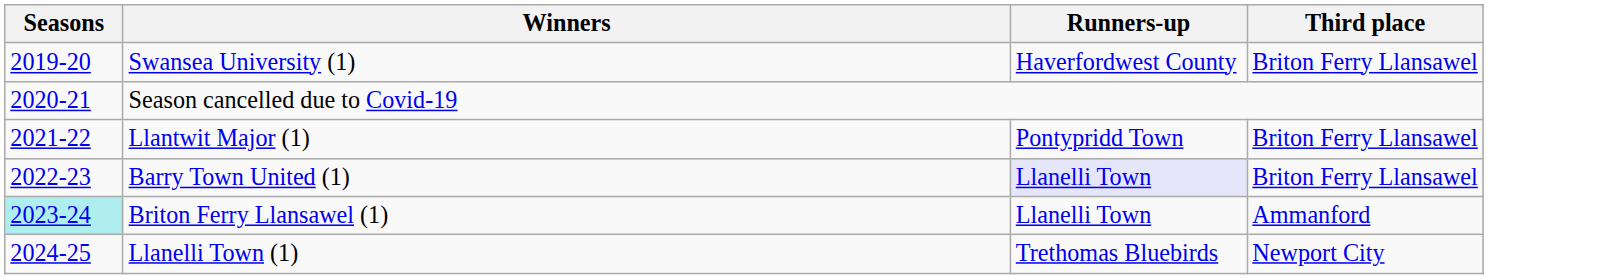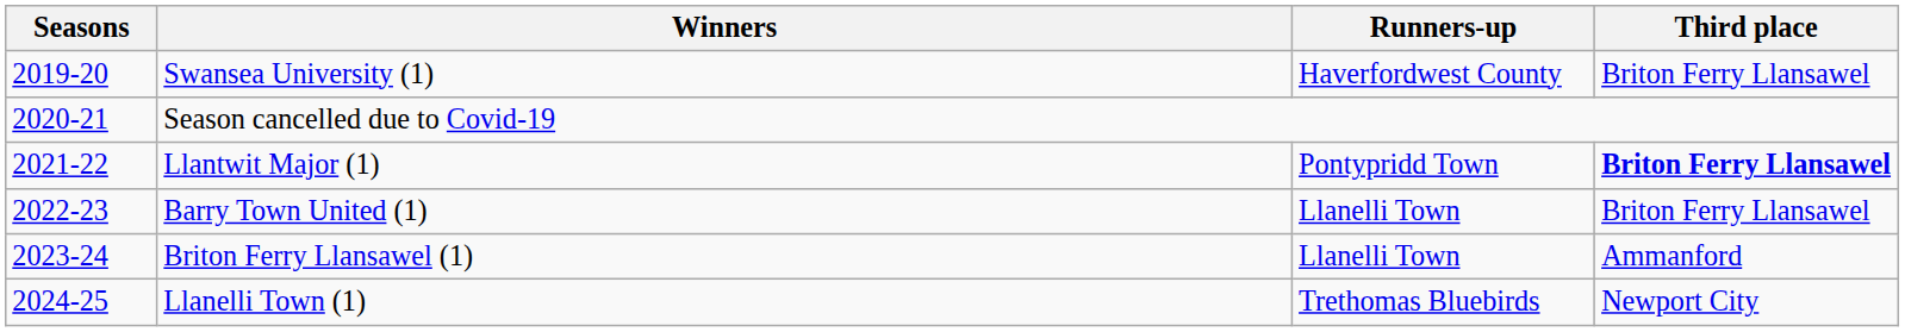 <table class="wikitable">
 <tr>
 <th style="width:8%;">Seasons</th>
 <th style="width:16;">Winners</th>
 <th style="width:16%;">Runners-up</th>
 <th style="width:16%;">Third place</th>
 </tr>
 <tr>
 <td align=centre><a href='#'>2019-20</a></td>
 <td><a href='#'>Swansea University</a> (1)</td>
 <td><a href='#'>Haverfordwest County</a></td>
 <td><a href='#'>Briton Ferry Llansawel</a></td>
 </tr>
 <tr>
 <td><a href='#'>2020-21</a></td>
 <td colspan="3"align="centre">Season cancelled due to <a href='#'>Covid-19</a></td>
 </tr>
 <tr>
 <td align=centre><a href='#'>2021-22</a></td>
 <td><a href='#'> Llantwit Major</a> (1)</td>
 <td><a href='#'>Pontypridd Town</a></td>
-<td><a href='#'>Briton Ferry Llansawel</a></td>
+<td><strong><a href='#'>Briton Ferry Llansawel</a></strong></td>
 </tr>
 <tr>
 <td align=centre><a href='#'>2022-23</a></td>
 <td><a href='#'>Barry Town United</a> (1)</td>
-<td style="background: lavender;"><a href='#'>Llanelli Town</a></td>
+<td><a href='#'>Llanelli Town</a></td>
 <td><a href='#'>Briton Ferry Llansawel</a></td>
 </tr>
 <tr>
-<td align=centre style="background: paleturquoise;"><a href='#'>2023-24</a></td>
+<td align=centre><a href='#'>2023-24</a></td>
 <td><a href='#'>Briton Ferry Llansawel</a> (1)</td>
 <td><a href='#'>Llanelli Town</a></td>
 <td><a href='#'>Ammanford</a></td>
 </tr>
 <tr>
 <td align=centre><a href='#'>2024-25</a></td>
 <td><a href='#'>Llanelli Town</a> (1)</td>
 <td><a href='#'>Trethomas Bluebirds</a></td>
 <td><a href='#'>Newport City</a></td>
 </tr>
 </table>
